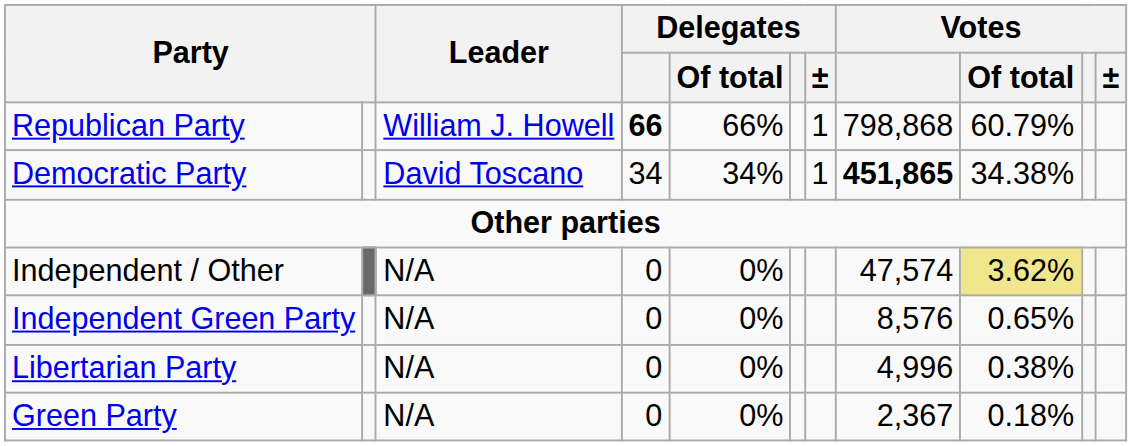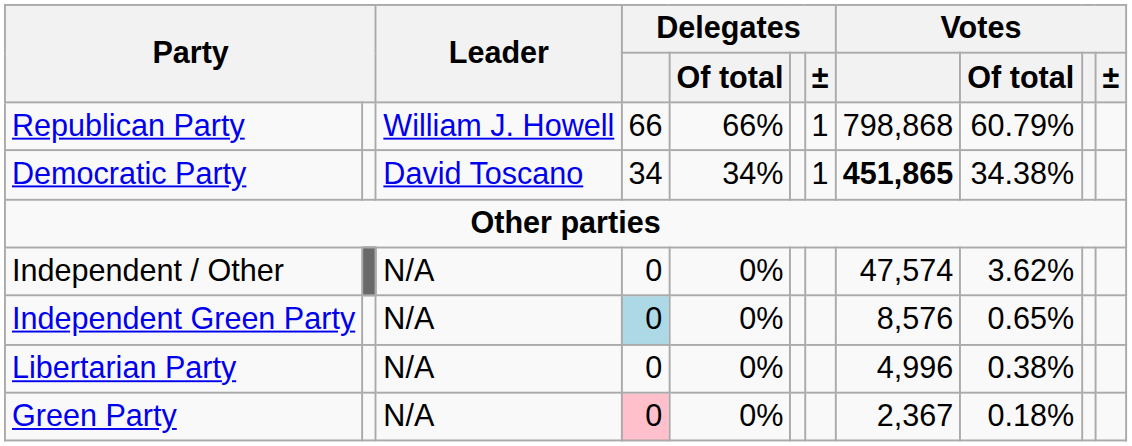 <table class="wikitable sortable" style="text-align:centre;">
 <tr>
 <th colspan=2 rowspan=2>Party</th>
 <th rowspan=2>Leader</th>
 <th colspan=4>Delegates</th>
 <th colspan=4>Votes</th>
 </tr>
 <tr>
 <th></th>
 <th>Of total</th>
 <th class="unsortable"></th>
 <th>±</th>
 <th></th>
 <th>Of total</th>
 <th class="unsortable"></th>
 <th>±</th>
 </tr>
 <tr>
 <td style="text-align:left;"><a href='#'>Republican Party</a></td>
 <td style="background:"></td>
 <td data-sort-value="Howell, William J."><a href='#'>William J. Howell</a></td>
-<td style="text-align:right;"><strong>66</strong></td>
+<td style="text-align:right;">66</td>
 <td style="text-align:right;">66%</td>
 <td data-sort-value=""></td>
 <td style="text-align:right;">1</td>
 <td style="text-align:right;">798,868</td>
 <td style="text-align:right;">60.79%</td>
 <td></td>
 <td style="text-align:right;"></td>
 </tr>
 <tr>
 <td style="text-align:left;"><a href='#'>Democratic Party</a></td>
 <td style="background:"></td>
 <td data-sort-value="Toscano, David"><a href='#'>David Toscano</a></td>
 <td style="text-align:right;">34</td>
 <td style="text-align:right;">34%</td>
 <td data-sort-value=""></td>
 <td style="text-align:right;">1</td>
 <td style="text-align:right;"><strong>451,865</strong></td>
 <td style="text-align:right;">34.38%</td>
 <td></td>
 <td style="text-align:right;"></td>
 </tr>
 <tr>
 <td colspan=12 style="text-align:center;"><strong>Other parties</strong></td>
 </tr>
 <tr>
 <td style="text-align:left;">Independent / Other</td>
 <td style="background:dimGrey;"></td>
 <td>N/A</td>
 <td style="text-align:right;">0</td>
 <td style="text-align:right;">0%</td>
 <td data-sort-value=""></td>
 <td style="text-align:right;"></td>
 <td style="text-align:right;">47,574</td>
-<td style="background: khaki; text-align:right;">3.62%</td>
+<td style="text-align:right;">3.62%</td>
 <td></td>
 <td style="text-align:right;"></td>
 </tr>
 <tr>
 <td style="text-align:left;"><a href='#'>Independent Green Party</a></td>
 <td style="background:"></td>
 <td>N/A</td>
-<td style="text-align:right;">0</td>
+<td style="background: lightblue; text-align:right;">0</td>
 <td style="text-align:right;">0%</td>
 <td data-sort-value=""></td>
 <td style="text-align:right;"></td>
 <td style="text-align:right;">8,576</td>
 <td style="text-align:right;">0.65%</td>
 <td></td>
 <td style="text-align:right;"></td>
 </tr>
 <tr>
 <td style="text-align:left;"><a href='#'>Libertarian Party</a></td>
 <td style="background:"></td>
 <td>N/A</td>
 <td style="text-align:right;">0</td>
 <td style="text-align:right;">0%</td>
 <td data-sort-value=""></td>
 <td style="text-align:right;"></td>
 <td style="text-align:right;">4,996</td>
 <td style="text-align:right;">0.38%</td>
 <td></td>
 <td style="text-align:right;"></td>
 </tr>
 <tr>
 <td style="text-align:left;"><a href='#'>Green Party</a></td>
 <td style="background:"></td>
 <td>N/A</td>
-<td style="text-align:right;">0</td>
+<td style="background: pink; text-align:right;">0</td>
 <td style="text-align:right;">0%</td>
 <td data-sort-value=""></td>
 <td style="text-align:right;"></td>
 <td style="text-align:right;">2,367</td>
 <td style="text-align:right;">0.18%</td>
 <td></td>
 <td style="text-align:right;"></td>
 </tr>
 </table>
